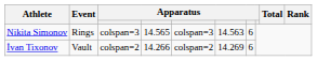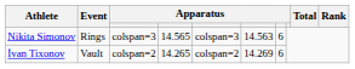 <table class="wikitable" style="font-size:90%">
 <tr>
 <th rowspan=2>Athlete</th>
 <th rowspan=2>Event</th>
 <th colspan=6>Apparatus</th>
 <th rowspan=2>Total</th>
 <th rowspan=2>Rank</th>
 </tr>
 <tr style="font-size:95%">
 <th></th>
 <th></th>
 <th></th>
 <th></th>
 <th></th>
 <th></th>
 </tr>
 <tr align=center>
 <td align=left><a href='#'>Nikita Simonov</a></td>
 <td align=left>Rings</td>
 <td>colspan=3</td>
 <td>14.565</td>
 <td>colspan=3</td>
 <td>14.563</td>
 <td>6</td>
 </tr>
 <tr align=center>
 <td align=left><a href='#'>İvan Tixonov</a></td>
 <td align=left>Vault</td>
 <td>colspan=2</td>
-<td>14.266</td>
+<td>14.265</td>
 <td>colspan=2</td>
 <td>14.269</td>
 <td>6</td>
 </tr>
 </table>
